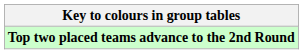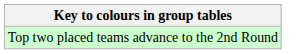 <table class="wikitable">
 <tr>
 <th>Key to colours in group tables</th>
 </tr>
 <tr style="background:#cfc;">
-<td><strong>Top two placed teams advance to the 2nd Round</strong></td>
+<td>Top two placed teams advance to the 2nd Round</td>
 </tr>
 </table>
